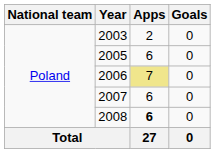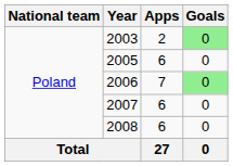 <table class="wikitable" style="text-align:center">
 <tr>
 <th>National team</th>
 <th>Year</th>
 <th>Apps</th>
 <th>Goals</th>
 </tr>
 <tr>
 <td rowspan="5"><a href='#'>Poland</a></td>
 <td>2003</td>
 <td>2</td>
-<td>0</td>
+<td style="background: lightgreen;">0</td>
 </tr>
 <tr>
 <td>2005</td>
 <td>6</td>
 <td>0</td>
 </tr>
 <tr>
 <td>2006</td>
-<td style="background: khaki;">7</td>
-<td>0</td>
+<td>7</td>
+<td style="background: lightgreen;">0</td>
 </tr>
 <tr>
 <td>2007</td>
 <td>6</td>
 <td>0</td>
 </tr>
 <tr>
 <td>2008</td>
-<td><strong>6</strong></td>
+<td>6</td>
 <td>0</td>
 </tr>
 <tr>
 <th colspan="2">Total</th>
 <th>27</th>
 <th>0</th>
 </tr>
 </table>
